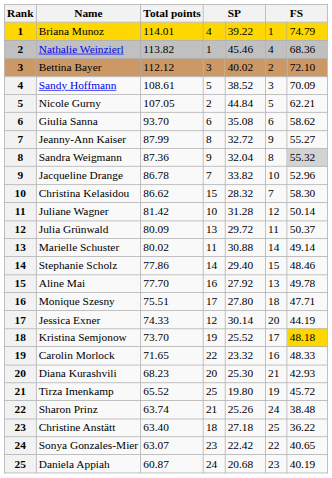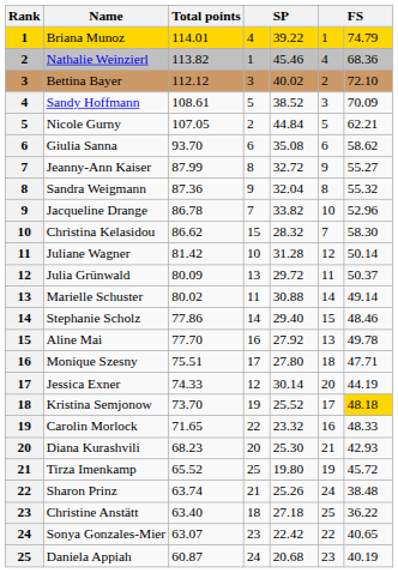 <table class="wikitable">
 <tr>
 <th>Rank</th>
 <th>Name</th>
 <th>Total points</th>
 <th colspan="2" width="80px">SP</th>
 <th colspan="2" width="80px">FS</th>
 </tr>
 <tr bgcolor="gold">
 <td align="center"><strong>1</strong></td>
 <td>Briana Munoz</td>
 <td>114.01</td>
 <td>4</td>
 <td>39.22</td>
 <td>1</td>
 <td>74.79</td>
 </tr>
 <tr bgcolor="silver">
 <td align="center"><strong>2</strong></td>
 <td><a href='#'>Nathalie Weinzierl</a></td>
 <td>113.82</td>
 <td>1</td>
 <td>45.46</td>
 <td>4</td>
 <td>68.36</td>
 </tr>
 <tr bgcolor="cc9966">
 <td align="center"><strong>3</strong></td>
 <td>Bettina Bayer</td>
 <td>112.12</td>
 <td>3</td>
 <td>40.02</td>
 <td>2</td>
 <td>72.10</td>
 </tr>
 <tr>
 <th>4</th>
 <td><a href='#'>Sandy Hoffmann</a></td>
 <td>108.61</td>
 <td>5</td>
 <td>38.52</td>
 <td>3</td>
 <td>70.09</td>
 </tr>
 <tr>
 <th>5</th>
 <td>Nicole Gurny</td>
 <td>107.05</td>
 <td>2</td>
 <td>44.84</td>
 <td>5</td>
 <td>62.21</td>
 </tr>
 <tr>
 <th>6</th>
 <td>Giulia Sanna</td>
 <td>93.70</td>
 <td>6</td>
 <td>35.08</td>
 <td>6</td>
 <td>58.62</td>
 </tr>
 <tr>
 <th>7</th>
 <td>Jeanny-Ann Kaiser</td>
 <td>87.99</td>
 <td>8</td>
 <td>32.72</td>
 <td>9</td>
 <td>55.27</td>
 </tr>
 <tr>
 <th>8</th>
 <td>Sandra Weigmann</td>
 <td>87.36</td>
 <td>9</td>
 <td>32.04</td>
 <td>8</td>
-<td style="background: lightgrey;">55.32</td>
+<td>55.32</td>
 </tr>
 <tr>
 <th>9</th>
 <td>Jacqueline Drange</td>
 <td>86.78</td>
 <td>7</td>
 <td>33.82</td>
 <td>10</td>
 <td>52.96</td>
 </tr>
 <tr>
 <th>10</th>
 <td>Christina Kelasidou</td>
 <td>86.62</td>
 <td>15</td>
 <td>28.32</td>
 <td>7</td>
 <td>58.30</td>
 </tr>
 <tr>
 <th>11</th>
 <td>Juliane Wagner</td>
 <td>81.42</td>
 <td>10</td>
 <td>31.28</td>
 <td>12</td>
 <td>50.14</td>
 </tr>
 <tr>
 <th>12</th>
 <td>Julia Grünwald</td>
 <td>80.09</td>
 <td>13</td>
 <td>29.72</td>
 <td>11</td>
 <td>50.37</td>
 </tr>
 <tr>
 <th>13</th>
 <td>Marielle Schuster</td>
 <td>80.02</td>
 <td>11</td>
 <td>30.88</td>
 <td>14</td>
 <td>49.14</td>
 </tr>
 <tr>
 <th>14</th>
 <td>Stephanie Scholz</td>
 <td>77.86</td>
 <td>14</td>
 <td>29.40</td>
 <td>15</td>
 <td>48.46</td>
 </tr>
 <tr>
 <th>15</th>
 <td>Aline Mai</td>
 <td>77.70</td>
 <td>16</td>
 <td>27.92</td>
 <td>13</td>
 <td>49.78</td>
 </tr>
 <tr>
 <th>16</th>
 <td>Monique Szesny</td>
 <td>75.51</td>
 <td>17</td>
 <td>27.80</td>
 <td>18</td>
 <td>47.71</td>
 </tr>
 <tr>
 <th>17</th>
 <td>Jessica Exner</td>
 <td>74.33</td>
 <td>12</td>
 <td>30.14</td>
 <td>20</td>
 <td>44.19</td>
 </tr>
 <tr>
 <th>18</th>
 <td>Kristina Semjonow</td>
 <td>73.70</td>
 <td>19</td>
 <td>25.52</td>
 <td>17</td>
 <td style="background: gold;">48.18</td>
 </tr>
 <tr>
 <th>19</th>
 <td>Carolin Morlock</td>
 <td>71.65</td>
 <td>22</td>
 <td>23.32</td>
 <td>16</td>
 <td>48.33</td>
 </tr>
 <tr>
 <th>20</th>
 <td>Diana Kurashvili</td>
 <td>68.23</td>
 <td>20</td>
 <td>25.30</td>
 <td>21</td>
 <td>42.93</td>
 </tr>
 <tr>
 <th>21</th>
 <td>Tirza Imenkamp</td>
 <td>65.52</td>
 <td>25</td>
 <td>19.80</td>
 <td>19</td>
 <td>45.72</td>
 </tr>
 <tr>
 <th>22</th>
 <td>Sharon Prinz</td>
 <td>63.74</td>
 <td>21</td>
 <td>25.26</td>
 <td>24</td>
 <td>38.48</td>
 </tr>
 <tr>
 <th>23</th>
 <td>Christine Anstätt</td>
 <td>63.40</td>
 <td>18</td>
 <td>27.18</td>
 <td>25</td>
 <td>36.22</td>
 </tr>
 <tr>
 <th>24</th>
 <td>Sonya Gonzales-Mier</td>
 <td>63.07</td>
 <td>23</td>
 <td>22.42</td>
 <td>22</td>
 <td>40.65</td>
 </tr>
 <tr>
 <th>25</th>
 <td>Daniela Appiah</td>
 <td>60.87</td>
 <td>24</td>
 <td>20.68</td>
 <td>23</td>
 <td>40.19</td>
 </tr>
 </table>
